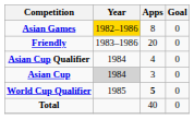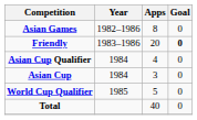 <table class="wikitable" style="font-size:90%; text-align: center;">
 <tr>
 <th>Competition</th>
 <th>Year</th>
 <th>Apps</th>
 <th>Goal</th>
 </tr>
 <tr>
 <td rowspan=1><strong><a href='#'>Asian Games</a></strong></td>
-<td style="background: gold;">1982–1986</td>
+<td>1982–1986</td>
 <td>8</td>
 <td>0</td>
 </tr>
 <tr>
 <td rowspan=1><strong><a href='#'>Friendly</a></strong></td>
 <td>1983–1986</td>
 <td>20</td>
-<td>0</td>
+<td><strong>0</strong></td>
 </tr>
 <tr>
 <td rowspan=1><strong><a href='#'>Asian Cup</a> Qualifier</strong></td>
 <td>1984</td>
 <td>4</td>
 <td>0</td>
 </tr>
 <tr>
 <td rowspan=1><strong><a href='#'>Asian Cup</a></strong></td>
-<td style="background: lightgrey;">1984</td>
+<td>1984</td>
 <td>3</td>
 <td>0</td>
 </tr>
 <tr>
 <td rowspan=1><strong><a href='#'>World Cup Qualifier</a></strong></td>
 <td>1985</td>
-<td><strong>5</strong></td>
+<td>5</td>
 <td>0</td>
 </tr>
 <tr>
 <td rowspan=1><strong>Total</strong></td>
 <td></td>
 <td>40</td>
 <td>0</td>
 </tr>
 <tr>
 </tr>
 </table>
